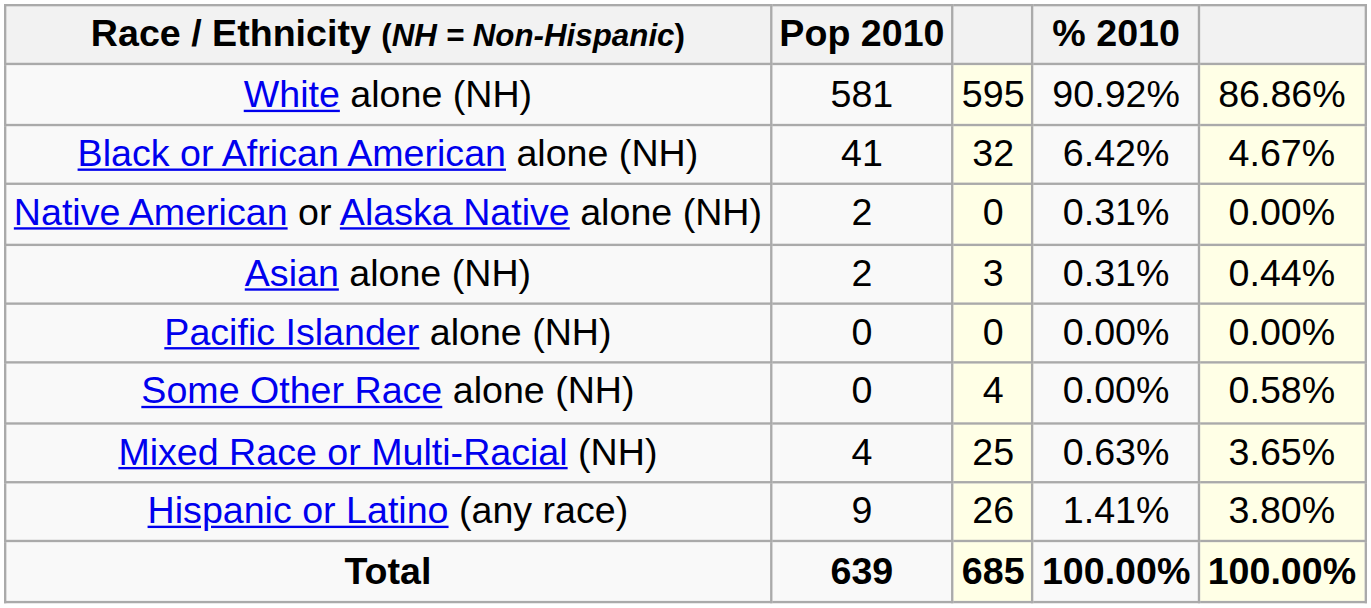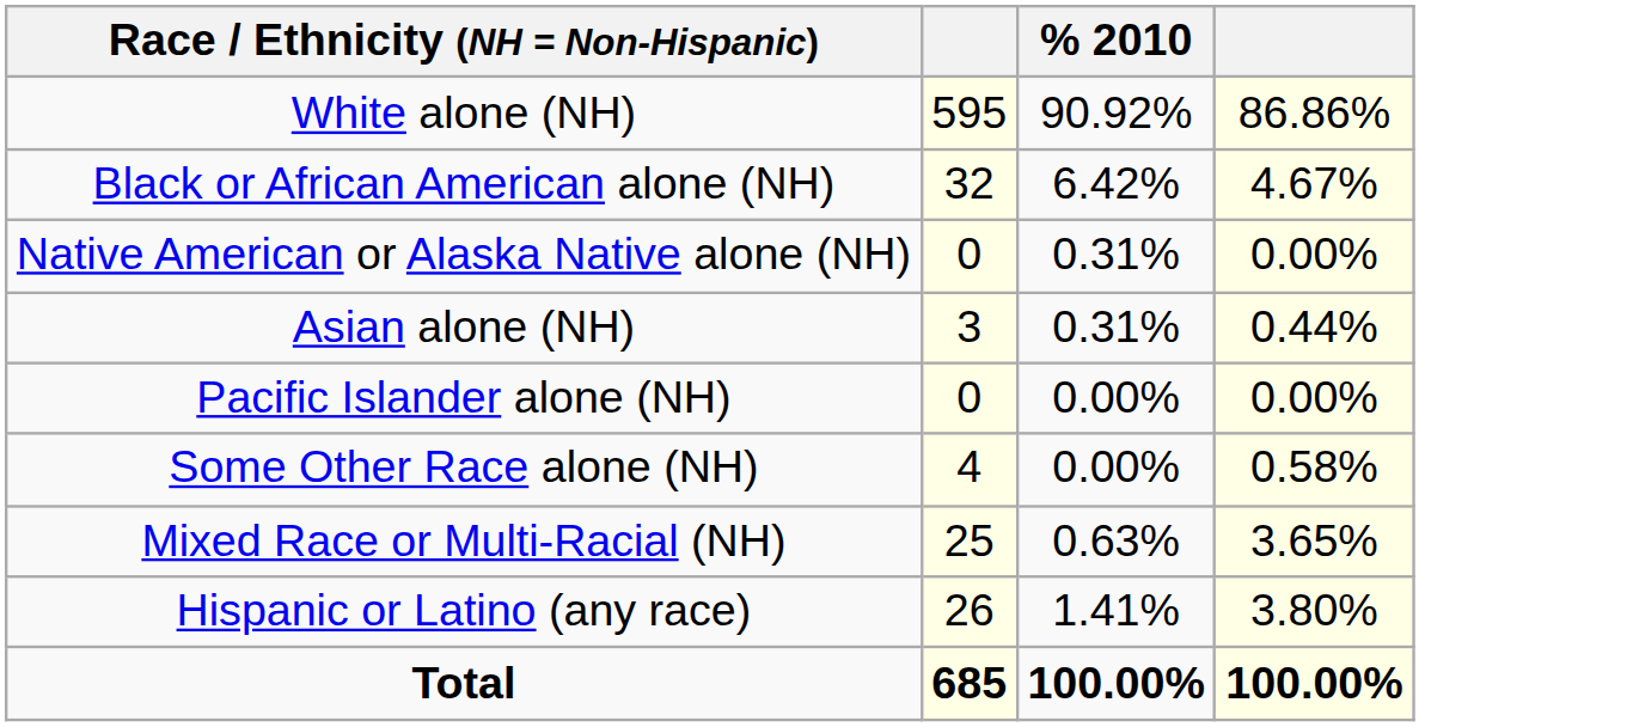 <table class="wikitable" style="text-align:center;">
 <tr>
 <th>Race / Ethnicity <small>(<em>NH = Non-Hispanic</em>)</small></th>
-<th>Pop 2010</th>
 <th></th>
 <th>% 2010</th>
 <th></th>
 </tr>
 <tr>
 <td><a href='#'>White</a> alone (NH)</td>
-<td>581</td>
 <td style='background: #ffffe6;'>595</td>
 <td>90.92%</td>
 <td style='background: #ffffe6;'>86.86%</td>
 </tr>
 <tr>
 <td><a href='#'>Black or African American</a> alone (NH)</td>
-<td>41</td>
 <td style='background: #ffffe6;'>32</td>
 <td>6.42%</td>
 <td style='background: #ffffe6;'>4.67%</td>
 </tr>
 <tr>
 <td><a href='#'>Native American</a> or <a href='#'>Alaska Native</a> alone (NH)</td>
-<td>2</td>
 <td style='background: #ffffe6;'>0</td>
 <td>0.31%</td>
 <td style='background: #ffffe6;'>0.00%</td>
 </tr>
 <tr>
 <td><a href='#'>Asian</a> alone (NH)</td>
-<td>2</td>
 <td style='background: #ffffe6;'>3</td>
 <td>0.31%</td>
 <td style='background: #ffffe6;'>0.44%</td>
 </tr>
 <tr>
 <td><a href='#'>Pacific Islander</a> alone (NH)</td>
-<td>0</td>
 <td style='background: #ffffe6;'>0</td>
 <td>0.00%</td>
 <td style='background: #ffffe6;'>0.00%</td>
 </tr>
 <tr>
 <td><a href='#'>Some Other Race</a> alone (NH)</td>
-<td>0</td>
 <td style='background: #ffffe6;'>4</td>
 <td>0.00%</td>
 <td style='background: #ffffe6;'>0.58%</td>
 </tr>
 <tr>
 <td><a href='#'>Mixed Race or Multi-Racial</a> (NH)</td>
-<td>4</td>
 <td style='background: #ffffe6;'>25</td>
 <td>0.63%</td>
 <td style='background: #ffffe6;'>3.65%</td>
 </tr>
 <tr>
 <td><a href='#'>Hispanic or Latino</a> (any race)</td>
-<td>9</td>
 <td style='background: #ffffe6;'>26</td>
 <td>1.41%</td>
 <td style='background: #ffffe6;'>3.80%</td>
 </tr>
 <tr>
 <td><strong>Total</strong></td>
-<td><strong>639</strong></td>
 <td style='background: #ffffe6;'><strong>685</strong></td>
 <td><strong>100.00%</strong></td>
 <td style='background: #ffffe6;'><strong>100.00%</strong></td>
 </tr>
 </table>
